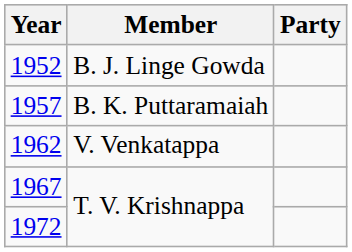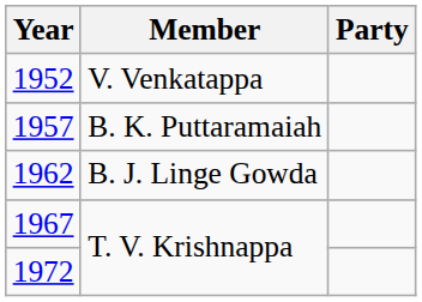 <table class="wikitable sortable">
 <tr>
 <th>Year</th>
 <th>Member</th>
 <th colspan="2">Party</th>
 </tr>
 <tr>
 <td><a href='#'>1952</a></td>
-<td>B. J. Linge Gowda</td>
+<td>V. Venkatappa</td>
 <td></td>
 </tr>
 <tr>
 <td><a href='#'>1957</a></td>
 <td>B. K. Puttaramaiah</td>
 <td></td>
 </tr>
 <tr>
 <td><a href='#'>1962</a></td>
-<td>V. Venkatappa</td>
+<td>B. J. Linge Gowda</td>
 <td></td>
 </tr>
 <tr>
 <td><a href='#'>1967</a></td>
 <td rowspan=2>T. V. Krishnappa</td>
 <td></td>
 </tr>
 <tr>
 <td><a href='#'>1972</a></td>
 <td></td>
 </tr>
 </table>
